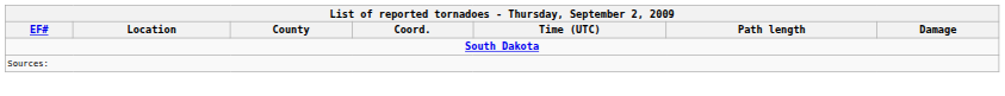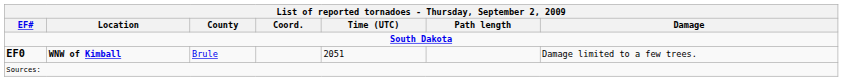 <table class="wikitable collapsible" width="100%">
 <tr>
 <th colspan="7">List of reported tornadoes - Thursday, September 2, 2009</th>
 </tr>
 <tr>
 <th><a href='#'>EF#</a></th>
 <th>Location</th>
 <th>County</th>
 <th>Coord.</th>
 <th>Time (UTC)</th>
 <th>Path length</th>
 <th>Damage</th>
 </tr>
 <tr>
 <td colspan="7" align=center><strong><a href='#'>South Dakota</a></strong></td>
 </tr>
 <tr>
+<td><big><strong>EF0</strong></big></td>
+<td><strong>WNW of <a href='#'>Kimball</a></strong></td>
+<td><a href='#'>Brule</a></td>
+<td></td>
+<td>2051</td>
+<td></td>
+<td>Damage limited to a few trees.</td>
+</tr>
+<tr>
 <td colspan="7"><small>Sources: </small></td>
 </tr>
 </table>
